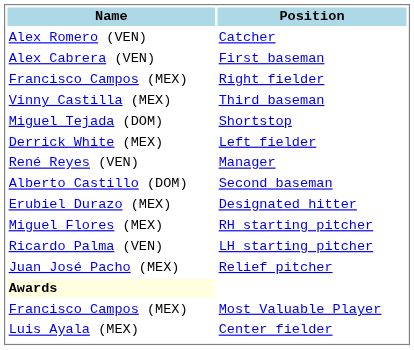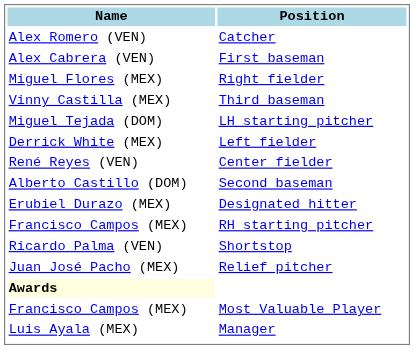 <table cellpadding="1" width="350px" style="font-size: 90%; border: 1px solid gray;">
 <tr style="background:lightblue;">
 <th>Name</th>
 <th>Position</th>
 </tr>
 <tr>
 <td><a href='#'>Alex Romero</a> (VEN)</td>
 <td><a href='#'>Catcher</a></td>
 </tr>
 <tr>
 <td><a href='#'>Alex Cabrera</a> (VEN)</td>
 <td><a href='#'>First baseman</a></td>
 </tr>
 <tr>
-<td><a href='#'>Francisco Campos</a> (MEX)</td>
+<td><a href='#'>Miguel Flores</a> (MEX)</td>
 <td><a href='#'>Right fielder</a></td>
 </tr>
 <tr>
 <td><a href='#'>Vinny Castilla</a> (MEX)</td>
 <td><a href='#'>Third baseman</a></td>
 </tr>
 <tr>
 <td><a href='#'>Miguel Tejada</a> (DOM)</td>
-<td><a href='#'>Shortstop</a></td>
+<td><a href='#'>LH starting pitcher</a></td>
 </tr>
 <tr>
 <td><a href='#'>Derrick White</a> (MEX)</td>
 <td><a href='#'>Left fielder</a></td>
 </tr>
 <tr>
 <td><a href='#'>René Reyes</a> (VEN)</td>
-<td><a href='#'>Manager</a></td>
+<td><a href='#'>Center fielder</a></td>
 </tr>
 <tr>
 <td><a href='#'>Alberto Castillo</a> (DOM)</td>
 <td><a href='#'>Second baseman</a></td>
 </tr>
 <tr>
 <td><a href='#'>Erubiel Durazo</a> (MEX)</td>
 <td><a href='#'>Designated hitter</a></td>
 </tr>
 <tr>
-<td><a href='#'>Miguel Flores</a> (MEX)</td>
+<td><a href='#'>Francisco Campos</a> (MEX)</td>
 <td><a href='#'>RH starting pitcher</a></td>
 </tr>
 <tr>
 <td><a href='#'>Ricardo Palma</a> (VEN)</td>
-<td><a href='#'>LH starting pitcher</a></td>
+<td><a href='#'>Shortstop</a></td>
 </tr>
 <tr>
 <td><a href='#'>Juan José Pacho</a> (MEX)</td>
 <td><a href='#'>Relief pitcher</a></td>
 </tr>
 <tr>
 <td style="background: lightyellow;"><strong>Awards</strong></td>
 </tr>
 <tr>
 <td><a href='#'>Francisco Campos</a> (MEX)</td>
 <td><a href='#'>Most Valuable Player</a></td>
 </tr>
 <tr>
 <td><a href='#'>Luis Ayala</a> (MEX)</td>
-<td><a href='#'>Center fielder</a></td>
+<td><a href='#'>Manager</a></td>
 </tr>
 <tr>
 </tr>
 </table>
